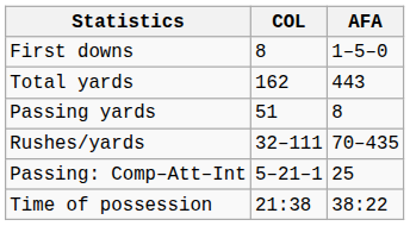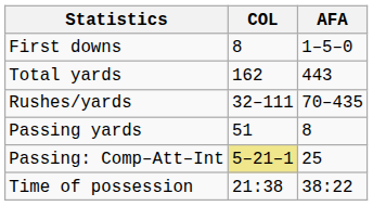 <table class="wikitable" style="float: left;">
 <tr>
 <th>Statistics</th>
 <th>COL</th>
 <th>AFA</th>
 </tr>
 <tr>
 <td>First downs</td>
 <td>8</td>
 <td>1–5–0</td>
 </tr>
 <tr>
 <td>Total yards</td>
 <td>162</td>
 <td>443</td>
 </tr>
 <tr>
+<td>Rushes/yards</td>
+<td>32–111</td>
+<td>70–435</td>
+</tr>
+<tr>
 <td>Passing yards</td>
 <td>51</td>
 <td>8</td>
 </tr>
 <tr>
-<td>Rushes/yards</td>
-<td>32–111</td>
-<td>70–435</td>
-</tr>
-<tr>
 <td>Passing: Comp–Att–Int</td>
-<td>5–21–1</td>
+<td style="background: khaki;">5–21–1</td>
 <td>25</td>
 </tr>
 <tr>
 <td>Time of possession</td>
 <td>21:38</td>
 <td>38:22</td>
 </tr>
 </table>
